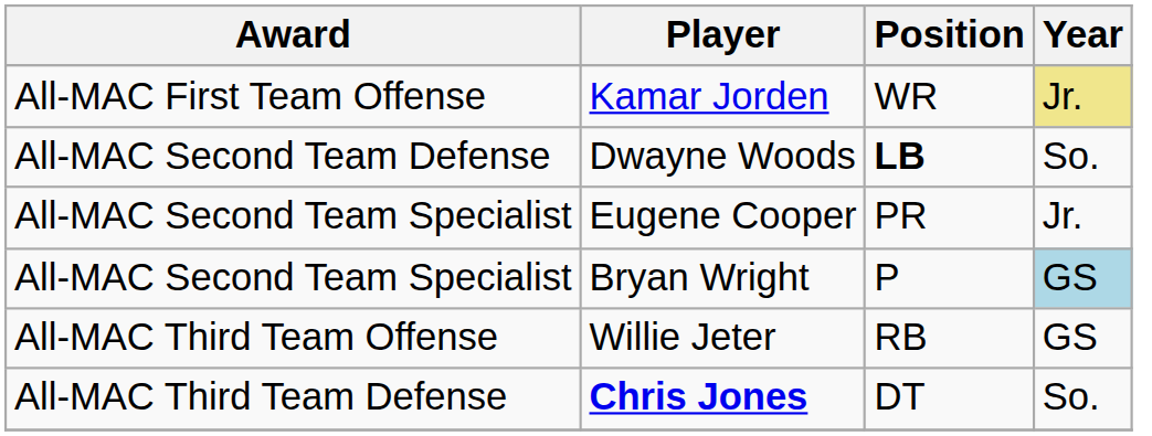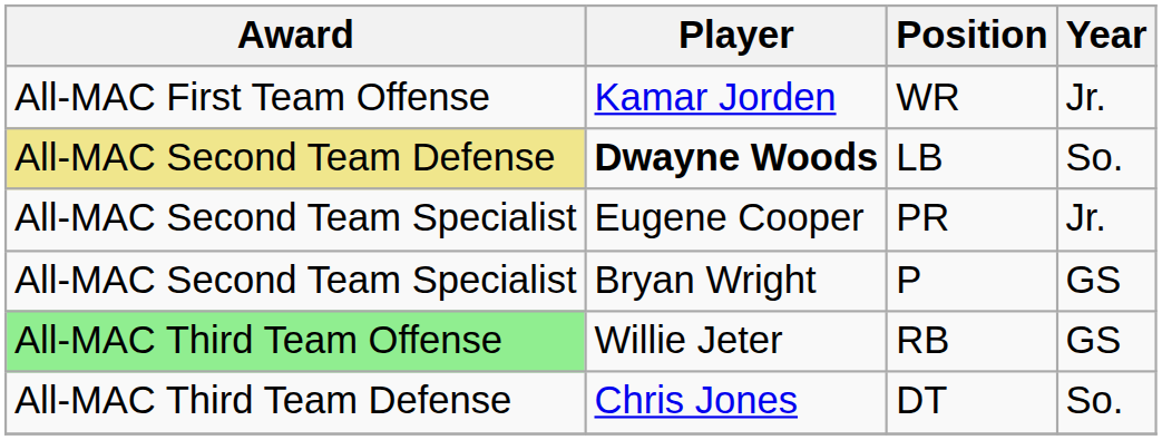 <table class="wikitable" border="1">
 <tr align=center>
 <th style= >Award</th>
 <th style= >Player</th>
 <th style= >Position</th>
 <th style= >Year</th>
 </tr>
 <tr align="center">
 </tr>
 <tr>
 <td>All-MAC First Team Offense</td>
 <td><a href='#'>Kamar Jorden</a></td>
 <td>WR</td>
-<td style="background: khaki;">Jr.</td>
+<td>Jr.</td>
 </tr>
 <tr>
-<td>All-MAC Second Team Defense</td>
-<td>Dwayne Woods</td>
-<td><strong>LB</strong></td>
+<td style="background: khaki;">All-MAC Second Team Defense</td>
+<td><strong>Dwayne Woods</strong></td>
+<td>LB</td>
 <td>So.</td>
 </tr>
 <tr>
 <td>All-MAC Second Team Specialist</td>
 <td>Eugene Cooper</td>
 <td>PR</td>
 <td>Jr.</td>
 </tr>
 <tr>
 <td>All-MAC Second Team Specialist</td>
 <td>Bryan Wright</td>
 <td>P</td>
-<td style="background: lightblue;">GS</td>
+<td>GS</td>
 </tr>
 <tr>
-<td>All-MAC Third Team Offense</td>
+<td style="background: lightgreen;">All-MAC Third Team Offense</td>
 <td>Willie Jeter</td>
 <td>RB</td>
 <td>GS</td>
 </tr>
 <tr>
 <td>All-MAC Third Team Defense</td>
-<td><strong><a href='#'>Chris Jones</a></strong></td>
+<td><a href='#'>Chris Jones</a></td>
 <td>DT</td>
 <td>So.</td>
 </tr>
 <tr>
 </tr>
 </table>
